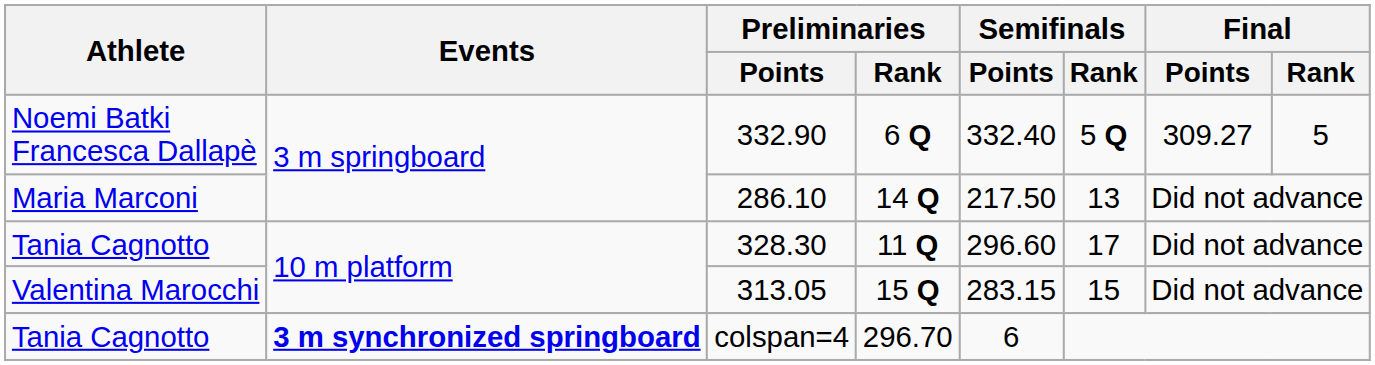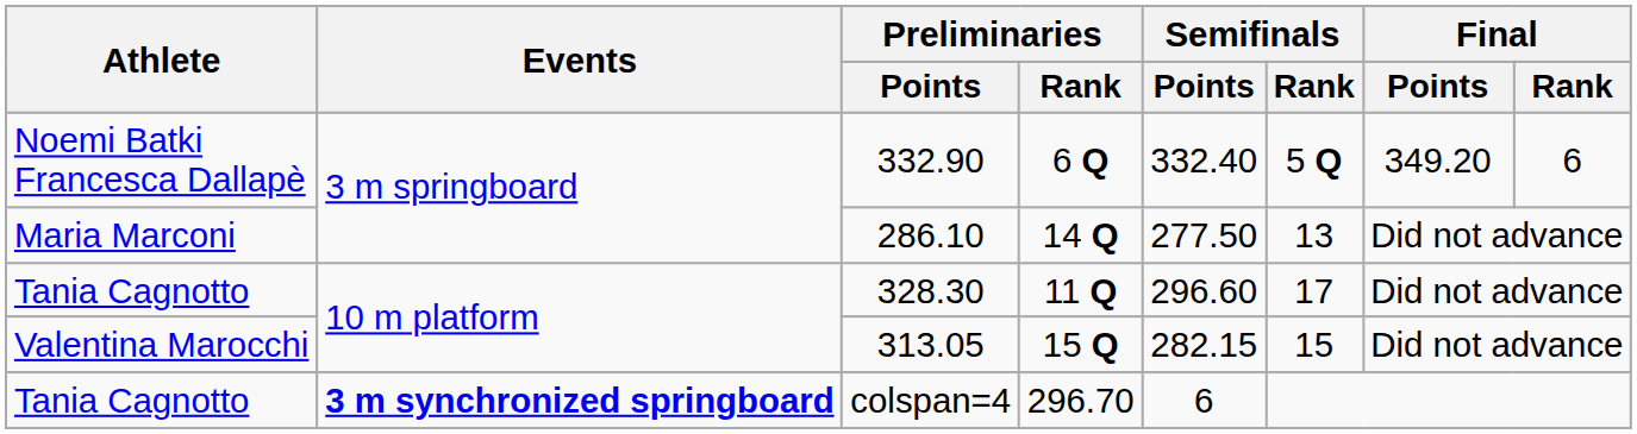 <table class=wikitable style="font-size:90%">
 <tr>
 <th rowspan="2">Athlete</th>
 <th rowspan="2">Events</th>
 <th colspan="2">Preliminaries</th>
 <th colspan="2">Semifinals</th>
 <th colspan="2">Final</th>
 </tr>
 <tr style="font-size:95%">
 <th>Points</th>
 <th>Rank</th>
 <th>Points</th>
 <th>Rank</th>
 <th>Points</th>
 <th>Rank</th>
 </tr>
 <tr align=center>
 <td align=left><a href='#'>Noemi Batki</a><br><a href='#'>Francesca Dallapè</a></td>
 <td align=left rowspan=2><a href='#'>3 m springboard</a></td>
 <td>332.90</td>
 <td>6 <strong>Q</strong></td>
 <td>332.40</td>
 <td>5 <strong>Q</strong></td>
-<td>309.27</td>
-<td>5</td>
+<td>349.20</td>
+<td>6</td>
 </tr>
 <tr align=center>
 <td align=left><a href='#'>Maria Marconi</a></td>
 <td>286.10</td>
 <td>14 <strong>Q</strong></td>
-<td>217.50</td>
+<td>277.50</td>
 <td>13</td>
 <td colspan=2>Did not advance</td>
 </tr>
 <tr align=center>
 <td align=left><a href='#'>Tania Cagnotto</a></td>
 <td align=left rowspan=2><a href='#'>10 m platform</a></td>
 <td>328.30</td>
 <td>11 <strong>Q</strong></td>
 <td>296.60</td>
 <td>17</td>
 <td colspan=2>Did not advance</td>
 </tr>
 <tr align=center>
 <td align=left><a href='#'>Valentina Marocchi</a></td>
 <td>313.05</td>
 <td>15 <strong>Q</strong></td>
-<td>283.15</td>
+<td>282.15</td>
 <td>15</td>
 <td colspan=2>Did not advance</td>
 </tr>
 <tr align=center>
 <td align=left><a href='#'>Tania Cagnotto</a></td>
 <td align=left><strong><a href='#'>3 m synchronized springboard</a></strong></td>
 <td>colspan=4 </td>
 <td>296.70</td>
 <td>6</td>
 </tr>
 </table>
